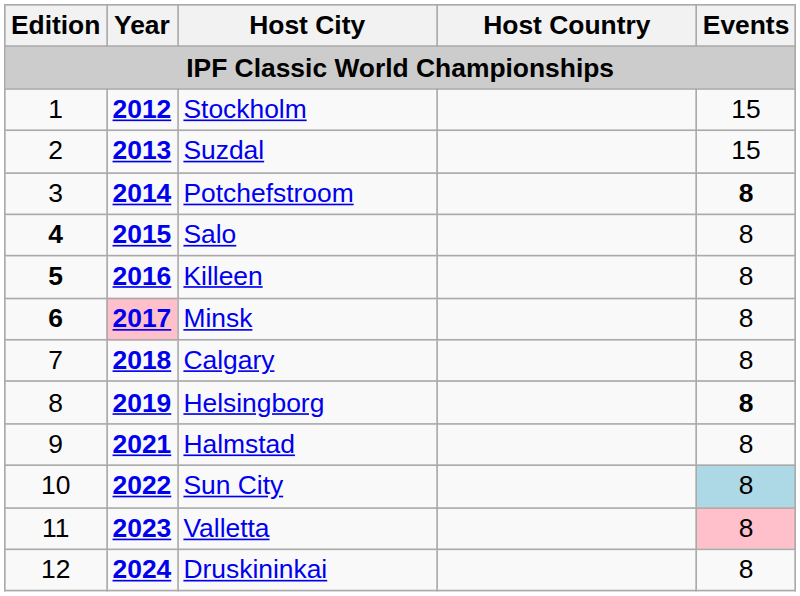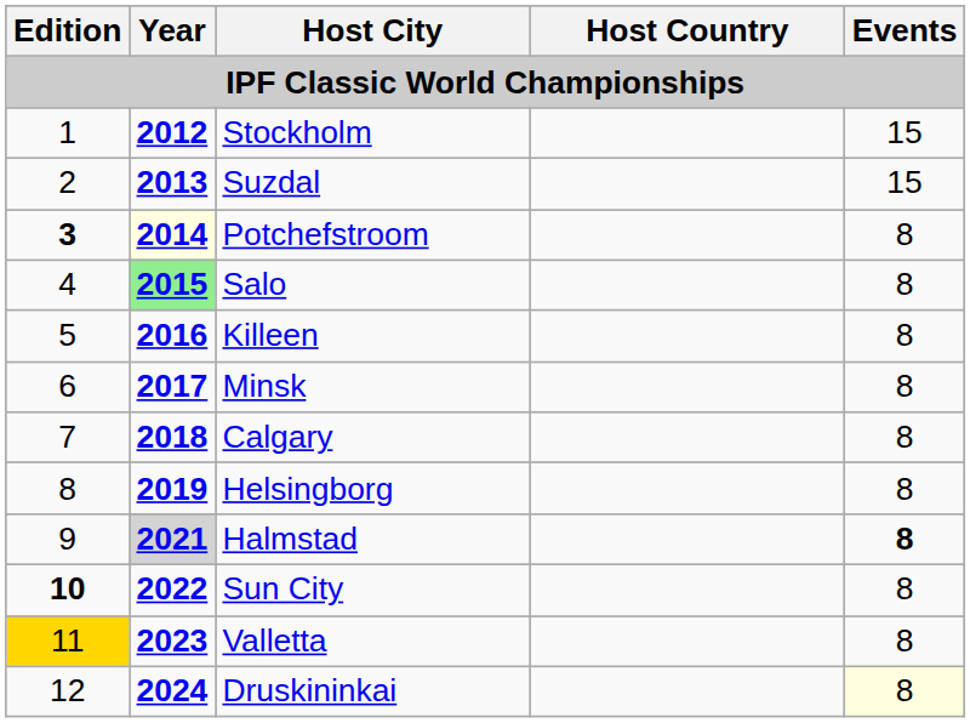 <table class="wikitable" style="font-size:100%">
 <tr>
 <th width=30>Edition</th>
 <th width=30>Year</th>
 <th width=150>Host City</th>
 <th width=150>Host Country</th>
 <th width=30>Events</th>
 </tr>
 <tr>
 <td colspan="5" bgcolor="#cccccc"align=center><strong>IPF Classic World Championships</strong></td>
 </tr>
 <tr>
 <td align=center>1</td>
 <td><strong><a href='#'>2012</a></strong></td>
 <td><a href='#'>Stockholm</a></td>
 <td></td>
 <td align=center>15</td>
 </tr>
 <tr>
 <td align=center>2</td>
 <td><strong><a href='#'>2013</a></strong></td>
 <td><a href='#'>Suzdal</a></td>
 <td></td>
 <td align=center>15</td>
 </tr>
 <tr>
-<td align=center>3</td>
-<td><strong><a href='#'>2014</a></strong></td>
+<td align=center><strong>3</strong></td>
+<td style="background: lightyellow;"><strong><a href='#'>2014</a></strong></td>
 <td><a href='#'>Potchefstroom</a></td>
 <td></td>
-<td align=center><strong>8</strong></td>
+<td align=center>8</td>
 </tr>
 <tr>
-<td align=center><strong>4</strong></td>
-<td><strong><a href='#'>2015</a></strong></td>
+<td align=center>4</td>
+<td style="background: lightgreen;"><strong><a href='#'>2015</a></strong></td>
 <td><a href='#'>Salo</a></td>
 <td></td>
 <td align=center>8</td>
 </tr>
 <tr>
-<td align=center><strong>5</strong></td>
+<td align=center>5</td>
 <td><strong><a href='#'>2016</a></strong></td>
 <td><a href='#'>Killeen</a></td>
 <td></td>
 <td align=center>8</td>
 </tr>
 <tr>
-<td align=center><strong>6</strong></td>
-<td style="background: pink;"><strong><a href='#'>2017</a></strong></td>
+<td align=center>6</td>
+<td><strong><a href='#'>2017</a></strong></td>
 <td><a href='#'>Minsk</a></td>
 <td></td>
 <td align=center>8</td>
 </tr>
 <tr>
 <td align=center>7</td>
 <td><strong><a href='#'>2018</a></strong></td>
 <td><a href='#'>Calgary</a></td>
 <td></td>
 <td align=center>8</td>
 </tr>
 <tr>
 <td align=center>8</td>
 <td><strong><a href='#'>2019</a></strong></td>
 <td><a href='#'>Helsingborg</a></td>
 <td></td>
+<td align=center>8</td>
+</tr>
+<tr>
+<td align=center>9</td>
+<td style="background: lightgrey;"><strong><a href='#'>2021</a></strong></td>
+<td><a href='#'>Halmstad</a></td>
+<td></td>
 <td align=center><strong>8</strong></td>
 </tr>
 <tr>
-<td align=center>9</td>
-<td><strong><a href='#'>2021</a></strong></td>
-<td><a href='#'>Halmstad</a></td>
+<td align=center><strong>10</strong></td>
+<td><strong><a href='#'>2022</a></strong></td>
+<td><a href='#'>Sun City</a></td>
 <td></td>
 <td align=center>8</td>
 </tr>
 <tr>
-<td align=center>10</td>
-<td><strong><a href='#'>2022</a></strong></td>
-<td><a href='#'>Sun City</a></td>
-<td></td>
-<td align=center style="background: lightblue;">8</td>
-</tr>
-<tr>
-<td align=center>11</td>
+<td align=center style="background: gold;">11</td>
 <td><strong><a href='#'>2023</a></strong></td>
 <td><a href='#'>Valletta</a></td>
 <td></td>
-<td align=center style="background: pink;">8</td>
+<td align=center>8</td>
 </tr>
 <tr>
 <td align=center>12</td>
 <td><strong><a href='#'>2024</a></strong></td>
 <td><a href='#'>Druskininkai</a></td>
 <td></td>
-<td align=center>8</td>
+<td align=center style="background: lightyellow;">8</td>
 </tr>
 </table>
